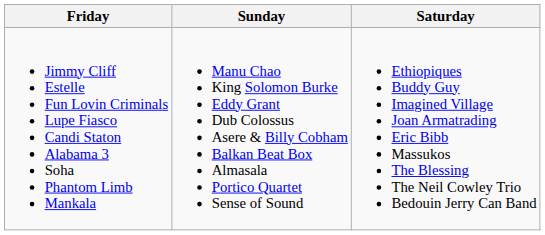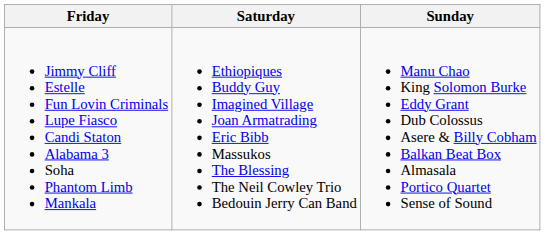 <table class="wikitable">
 <tr>
 <th>Friday</th>
+<th>Saturday</th>
 <th>Sunday</th>
-<th>Saturday</th>
 </tr>
 <tr valign="top">
 <td><br><ul><li><a href='#'>Jimmy Cliff</a></li><li><a href='#'>Estelle</a></li><li><a href='#'>Fun Lovin Criminals</a></li><li><a href='#'>Lupe Fiasco</a></li><li><a href='#'>Candi Staton</a></li><li><a href='#'>Alabama 3</a></li><li>Soha</li><li><a href='#'>Phantom Limb</a></li><li><a href='#'>Mankala</a></li></ul></td>
+<td><br><ul><li><a href='#'>Ethiopiques</a></li><li><a href='#'>Buddy Guy</a></li><li><a href='#'>Imagined Village</a></li><li><a href='#'>Joan Armatrading</a></li><li><a href='#'>Eric Bibb</a></li><li>Massukos</li><li><a href='#'>The Blessing</a></li><li>The Neil Cowley Trio</li><li>Bedouin Jerry Can Band</li></ul></td>
 <td><br><ul><li><a href='#'>Manu Chao</a></li><li>King <a href='#'>Solomon Burke</a></li><li><a href='#'>Eddy Grant</a></li><li>Dub Colossus</li><li>Asere & <a href='#'>Billy Cobham</a></li><li><a href='#'>Balkan Beat Box</a></li><li>Almasala</li><li><a href='#'>Portico Quartet</a></li><li>Sense of Sound</li></ul></td>
-<td><br><ul><li><a href='#'>Ethiopiques</a></li><li><a href='#'>Buddy Guy</a></li><li><a href='#'>Imagined Village</a></li><li><a href='#'>Joan Armatrading</a></li><li><a href='#'>Eric Bibb</a></li><li>Massukos</li><li><a href='#'>The Blessing</a></li><li>The Neil Cowley Trio</li><li>Bedouin Jerry Can Band</li></ul></td>
 </tr>
 </table>
